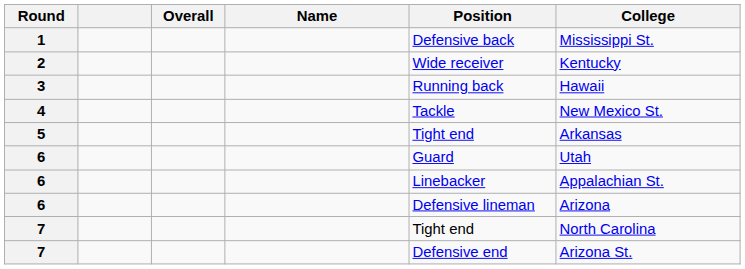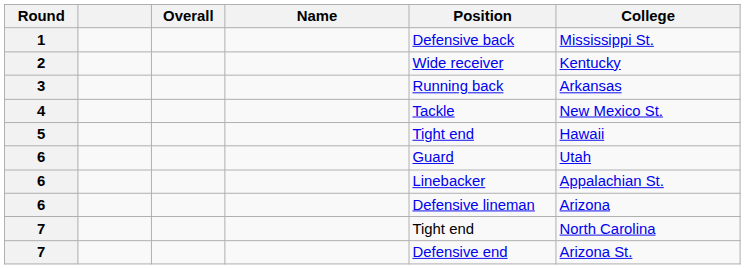 <table class="wikitable sortable" style="width: 50%;">
 <tr>
 <th scope="col" style="width: 10%;">Round</th>
 <th scope="col" style="width: 10%;"></th>
 <th scope="col" style="width: 10%;">Overall</th>
 <th scope="col" style="width: 25%;">Name</th>
 <th scope="col" style="width: 20%;">Position</th>
 <th scope="col" style="width: 25%;">College</th>
 </tr>
 <tr>
 <th scope="row">1</th>
 <td></td>
 <td></td>
 <td></td>
 <td><a href='#'>Defensive back</a></td>
 <td><a href='#'>Mississippi St.</a></td>
 </tr>
 <tr>
 <th scope="row">2</th>
 <td></td>
 <td></td>
 <td></td>
 <td><a href='#'>Wide receiver</a></td>
 <td><a href='#'>Kentucky</a></td>
 </tr>
 <tr>
 <th scope="row">3</th>
 <td></td>
 <td></td>
 <td></td>
 <td><a href='#'>Running back</a></td>
-<td><a href='#'>Hawaii</a></td>
+<td><a href='#'>Arkansas</a></td>
 </tr>
 <tr>
 <th scope="row">4</th>
 <td></td>
 <td></td>
 <td></td>
 <td><a href='#'>Tackle</a></td>
 <td><a href='#'>New Mexico St.</a></td>
 </tr>
 <tr>
 <th scope="row">5</th>
 <td></td>
 <td></td>
 <td></td>
 <td><a href='#'>Tight end</a></td>
-<td><a href='#'>Arkansas</a></td>
+<td><a href='#'>Hawaii</a></td>
 </tr>
 <tr>
 <th scope="row">6</th>
 <td></td>
 <td></td>
 <td></td>
 <td><a href='#'>Guard</a></td>
 <td><a href='#'>Utah</a></td>
 </tr>
 <tr>
 <th scope="row">6</th>
 <td></td>
 <td></td>
 <td></td>
 <td><a href='#'>Linebacker</a></td>
 <td><a href='#'>Appalachian St.</a></td>
 </tr>
 <tr>
 <th scope="row">6</th>
 <td></td>
 <td></td>
 <td></td>
 <td><a href='#'>Defensive lineman</a></td>
 <td><a href='#'>Arizona</a></td>
 </tr>
 <tr>
 <th scope="row">7</th>
 <td></td>
 <td></td>
 <td></td>
 <td>Tight end</td>
 <td><a href='#'>North Carolina</a></td>
 </tr>
 <tr>
 <th scope="row">7</th>
 <td></td>
 <td></td>
 <td></td>
 <td><a href='#'>Defensive end</a></td>
 <td><a href='#'>Arizona St.</a></td>
 </tr>
 </table>
